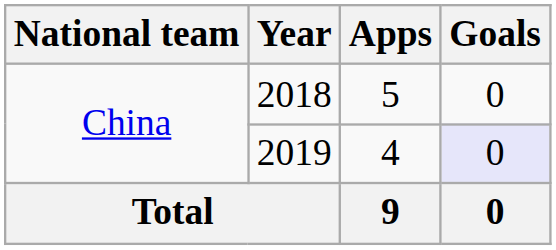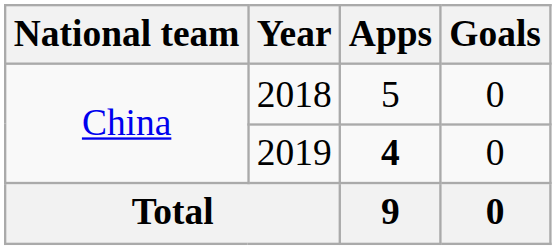 <table class="wikitable" style="text-align:center">
 <tr>
 <th>National team</th>
 <th>Year</th>
 <th>Apps</th>
 <th>Goals</th>
 </tr>
 <tr>
 <td rowspan="2"><a href='#'>China</a></td>
 <td>2018</td>
 <td>5</td>
 <td>0</td>
 </tr>
 <tr>
 <td>2019</td>
-<td>4</td>
-<td style="background: lavender;">0</td>
+<td><strong>4</strong></td>
+<td>0</td>
 </tr>
 <tr>
 <th colspan=2>Total</th>
 <th>9</th>
 <th>0</th>
 </tr>
 </table>
